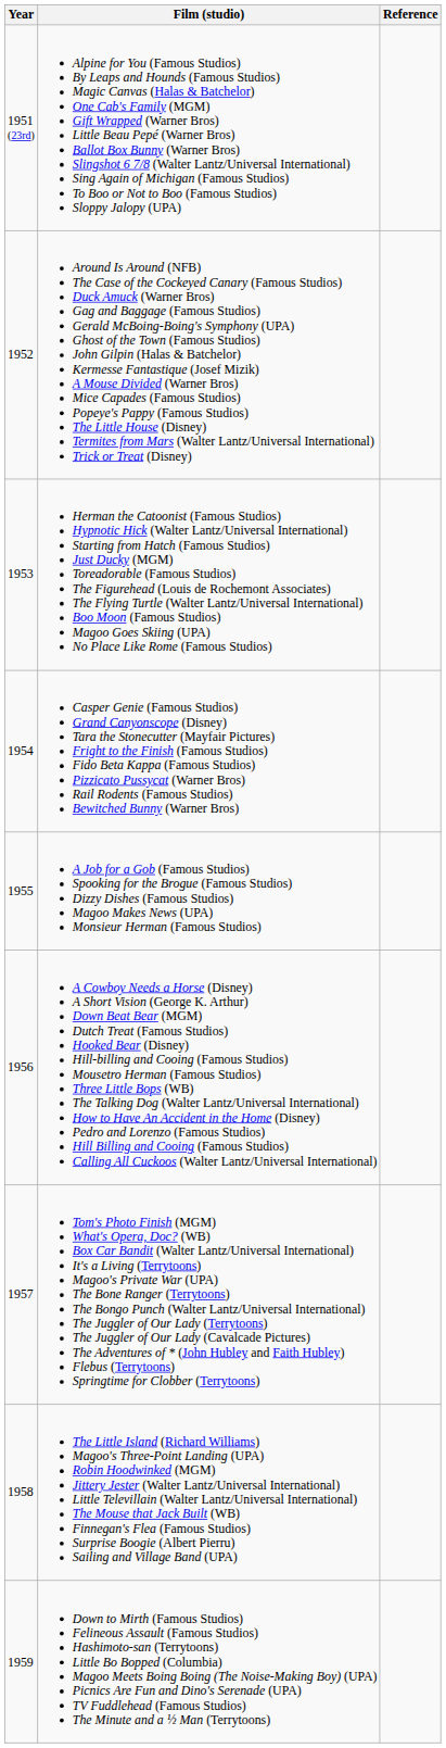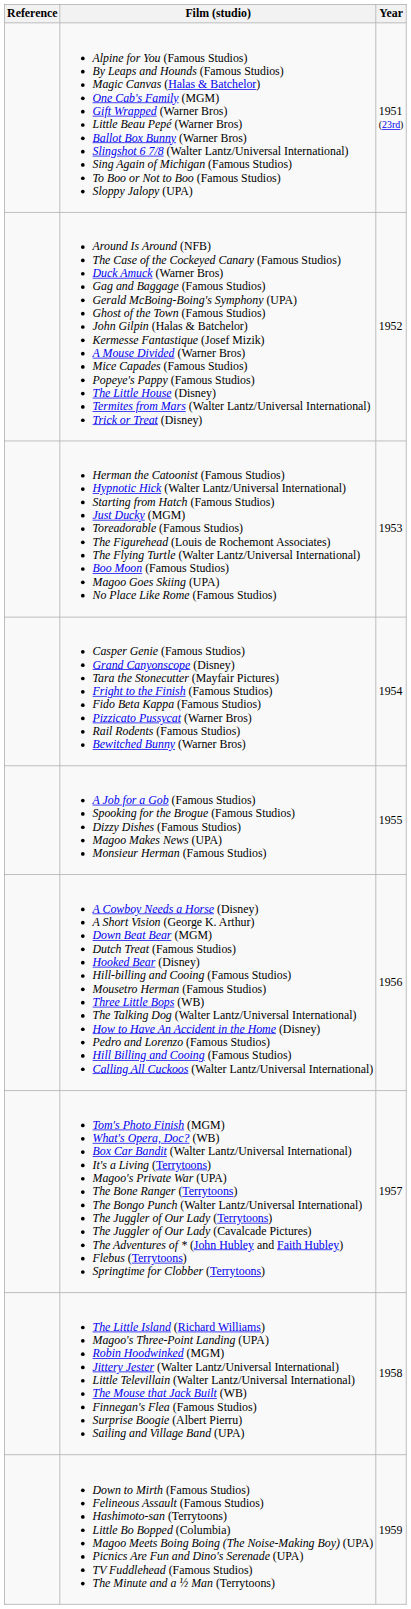 <table class="wikitable">
 <tr>
+<th>Reference</th>
+<th>Film (studio)</th>
 <th>Year</th>
-<th>Film (studio)</th>
-<th>Reference</th>
 </tr>
 <tr>
+<td></td>
+<td><br><ul><li><em>Alpine for You</em> (Famous Studios)</li><li><em>By Leaps and Hounds</em> (Famous Studios)</li><li><em>Magic Canvas</em> (<a href='#'>Halas & Batchelor</a>)</li><li><em><a href='#'>One Cab's Family</a></em> (MGM)</li><li><em><a href='#'>Gift Wrapped</a></em> (Warner Bros)</li><li><em>Little Beau Pepé</em> (Warner Bros)</li><li><em><a href='#'>Ballot Box Bunny</a></em> (Warner Bros)</li><li><em><a href='#'>Slingshot 6 7/8</a></em> (Walter Lantz/Universal International)</li><li><em>Sing Again of Michigan</em> (Famous Studios)</li><li><em>To Boo or Not to Boo</em> (Famous Studios)</li><li><em>Sloppy Jalopy</em> (UPA)</li></ul></td>
 <td>1951<br><small>(<a href='#'>23rd</a>)</small></td>
-<td><br><ul><li><em>Alpine for You</em> (Famous Studios)</li><li><em>By Leaps and Hounds</em> (Famous Studios)</li><li><em>Magic Canvas</em> (<a href='#'>Halas & Batchelor</a>)</li><li><em><a href='#'>One Cab's Family</a></em> (MGM)</li><li><em><a href='#'>Gift Wrapped</a></em> (Warner Bros)</li><li><em>Little Beau Pepé</em> (Warner Bros)</li><li><em><a href='#'>Ballot Box Bunny</a></em> (Warner Bros)</li><li><em><a href='#'>Slingshot 6 7/8</a></em> (Walter Lantz/Universal International)</li><li><em>Sing Again of Michigan</em> (Famous Studios)</li><li><em>To Boo or Not to Boo</em> (Famous Studios)</li><li><em>Sloppy Jalopy</em> (UPA)</li></ul></td>
-<td></td>
 </tr>
 <tr>
+<td></td>
+<td><br><ul><li><em>Around Is Around</em> (NFB)</li><li><em>The Case of the Cockeyed Canary</em> (Famous Studios)</li><li><em><a href='#'>Duck Amuck</a></em> (Warner Bros)</li><li><em>Gag and Baggage</em> (Famous Studios)</li><li><em>Gerald McBoing-Boing's Symphony</em> (UPA)</li><li><em>Ghost of the Town</em> (Famous Studios)</li><li><em>John Gilpin</em> (Halas & Batchelor)</li><li><em>Kermesse Fantastique</em> (Josef Mizik)</li><li><em><a href='#'>A Mouse Divided</a></em> (Warner Bros)</li><li><em>Mice Capades</em> (Famous Studios)</li><li><em>Popeye's Pappy</em> (Famous Studios)</li><li><em><a href='#'>The Little House</a></em> (Disney)</li><li><em><a href='#'>Termites from Mars</a></em> (Walter Lantz/Universal International)</li><li><em><a href='#'>Trick or Treat</a></em> (Disney)</li></ul></td>
 <td>1952</td>
-<td><br><ul><li><em>Around Is Around</em> (NFB)</li><li><em>The Case of the Cockeyed Canary</em> (Famous Studios)</li><li><em><a href='#'>Duck Amuck</a></em> (Warner Bros)</li><li><em>Gag and Baggage</em> (Famous Studios)</li><li><em>Gerald McBoing-Boing's Symphony</em> (UPA)</li><li><em>Ghost of the Town</em> (Famous Studios)</li><li><em>John Gilpin</em> (Halas & Batchelor)</li><li><em>Kermesse Fantastique</em> (Josef Mizik)</li><li><em><a href='#'>A Mouse Divided</a></em> (Warner Bros)</li><li><em>Mice Capades</em> (Famous Studios)</li><li><em>Popeye's Pappy</em> (Famous Studios)</li><li><em><a href='#'>The Little House</a></em> (Disney)</li><li><em><a href='#'>Termites from Mars</a></em> (Walter Lantz/Universal International)</li><li><em><a href='#'>Trick or Treat</a></em> (Disney)</li></ul></td>
-<td></td>
 </tr>
 <tr>
+<td></td>
+<td><br><ul><li><em>Herman the Catoonist</em> (Famous Studios)</li><li><em><a href='#'>Hypnotic Hick</a></em> (Walter Lantz/Universal International)</li><li><em>Starting from Hatch</em> (Famous Studios)</li><li><em><a href='#'>Just Ducky</a></em> (MGM)</li><li><em>Toreadorable</em> (Famous Studios)</li><li><em>The Figurehead</em> (Louis de Rochemont Associates)</li><li><em>The Flying Turtle</em>  (Walter Lantz/Universal International)</li><li><em><a href='#'>Boo Moon</a></em> (Famous Studios)</li><li><em>Magoo Goes Skiing</em> (UPA)</li><li><em>No Place Like Rome</em> (Famous Studios)</li></ul></td>
 <td>1953</td>
-<td><br><ul><li><em>Herman the Catoonist</em> (Famous Studios)</li><li><em><a href='#'>Hypnotic Hick</a></em> (Walter Lantz/Universal International)</li><li><em>Starting from Hatch</em> (Famous Studios)</li><li><em><a href='#'>Just Ducky</a></em> (MGM)</li><li><em>Toreadorable</em> (Famous Studios)</li><li><em>The Figurehead</em> (Louis de Rochemont Associates)</li><li><em>The Flying Turtle</em>  (Walter Lantz/Universal International)</li><li><em><a href='#'>Boo Moon</a></em> (Famous Studios)</li><li><em>Magoo Goes Skiing</em> (UPA)</li><li><em>No Place Like Rome</em> (Famous Studios)</li></ul></td>
-<td></td>
 </tr>
 <tr>
+<td></td>
+<td><br><ul><li><em>Casper Genie</em> (Famous Studios)</li><li><em><a href='#'>Grand Canyonscope</a></em> (Disney)</li><li><em>Tara the Stonecutter</em> (Mayfair Pictures)</li><li><em><a href='#'>Fright to the Finish</a></em> (Famous Studios)</li><li><em>Fido Beta Kappa</em> (Famous Studios)</li><li><em><a href='#'>Pizzicato Pussycat</a></em> (Warner Bros)</li><li><em>Rail Rodents</em> (Famous Studios)</li><li><em><a href='#'>Bewitched Bunny</a></em> (Warner Bros)</li></ul></td>
 <td>1954</td>
-<td><br><ul><li><em>Casper Genie</em> (Famous Studios)</li><li><em><a href='#'>Grand Canyonscope</a></em> (Disney)</li><li><em>Tara the Stonecutter</em> (Mayfair Pictures)</li><li><em><a href='#'>Fright to the Finish</a></em> (Famous Studios)</li><li><em>Fido Beta Kappa</em> (Famous Studios)</li><li><em><a href='#'>Pizzicato Pussycat</a></em> (Warner Bros)</li><li><em>Rail Rodents</em> (Famous Studios)</li><li><em><a href='#'>Bewitched Bunny</a></em> (Warner Bros)</li></ul></td>
-<td></td>
 </tr>
 <tr>
+<td></td>
+<td><br><ul><li><em><a href='#'>A Job for a Gob</a></em> (Famous Studios)</li><li><em>Spooking for the Brogue</em> (Famous Studios)</li><li><em>Dizzy Dishes</em> (Famous Studios)</li><li><em>Magoo Makes News</em> (UPA)</li><li><em>Monsieur Herman</em> (Famous Studios)</li></ul></td>
 <td>1955</td>
-<td><br><ul><li><em><a href='#'>A Job for a Gob</a></em> (Famous Studios)</li><li><em>Spooking for the Brogue</em> (Famous Studios)</li><li><em>Dizzy Dishes</em> (Famous Studios)</li><li><em>Magoo Makes News</em> (UPA)</li><li><em>Monsieur Herman</em> (Famous Studios)</li></ul></td>
-<td></td>
 </tr>
 <tr>
+<td></td>
+<td><br><ul><li><em><a href='#'>A Cowboy Needs a Horse</a></em> (Disney)</li><li><em>A Short Vision</em> (George K. Arthur)</li><li><em><a href='#'>Down Beat Bear</a></em> (MGM)</li><li><em>Dutch Treat</em> (Famous Studios)</li><li><em><a href='#'>Hooked Bear</a></em> (Disney)</li><li><em>Hill-billing and Cooing</em> (Famous Studios)</li><li><em>Mousetro Herman</em> (Famous Studios)</li><li><em><a href='#'>Three Little Bops</a></em> (WB)</li><li><em>The Talking Dog</em> (Walter Lantz/Universal International)</li><li><em><a href='#'>How to Have An Accident in the Home</a></em> (Disney)</li><li><em>Pedro and Lorenzo</em> (Famous Studios)</li><li><em><a href='#'>Hill Billing and Cooing</a></em> (Famous Studios)</li><li><em><a href='#'>Calling All Cuckoos</a></em> (Walter Lantz/Universal International)</li></ul></td>
 <td>1956</td>
-<td><br><ul><li><em><a href='#'>A Cowboy Needs a Horse</a></em> (Disney)</li><li><em>A Short Vision</em> (George K. Arthur)</li><li><em><a href='#'>Down Beat Bear</a></em> (MGM)</li><li><em>Dutch Treat</em> (Famous Studios)</li><li><em><a href='#'>Hooked Bear</a></em> (Disney)</li><li><em>Hill-billing and Cooing</em> (Famous Studios)</li><li><em>Mousetro Herman</em> (Famous Studios)</li><li><em><a href='#'>Three Little Bops</a></em> (WB)</li><li><em>The Talking Dog</em> (Walter Lantz/Universal International)</li><li><em><a href='#'>How to Have An Accident in the Home</a></em> (Disney)</li><li><em>Pedro and Lorenzo</em> (Famous Studios)</li><li><em><a href='#'>Hill Billing and Cooing</a></em> (Famous Studios)</li><li><em><a href='#'>Calling All Cuckoos</a></em> (Walter Lantz/Universal International)</li></ul></td>
-<td></td>
 </tr>
 <tr>
+<td></td>
+<td><br><ul><li><em><a href='#'>Tom's Photo Finish</a></em> (MGM)</li><li><em><a href='#'>What's Opera, Doc?</a></em> (WB)</li><li><em><a href='#'>Box Car Bandit</a></em> (Walter Lantz/Universal International)</li><li><em>It's a Living</em> (<a href='#'>Terrytoons</a>)</li><li><em>Magoo's Private War</em> (UPA)</li><li><em>The Bone Ranger</em> (<a href='#'>Terrytoons</a>)</li><li><em>The Bongo Punch</em>  (Walter Lantz/Universal International)</li><li><em>The Juggler of Our Lady</em> (<a href='#'>Terrytoons</a>)</li><li><em>The Juggler of Our Lady</em> (Cavalcade Pictures)</li><li><em>The Adventures of *</em> (<a href='#'>John Hubley</a> and <a href='#'>Faith Hubley</a>)</li><li><em>Flebus</em> (<a href='#'>Terrytoons</a>)</li><li><em>Springtime for Clobber</em> (<a href='#'>Terrytoons</a>)</li></ul></td>
 <td>1957</td>
-<td><br><ul><li><em><a href='#'>Tom's Photo Finish</a></em> (MGM)</li><li><em><a href='#'>What's Opera, Doc?</a></em> (WB)</li><li><em><a href='#'>Box Car Bandit</a></em> (Walter Lantz/Universal International)</li><li><em>It's a Living</em> (<a href='#'>Terrytoons</a>)</li><li><em>Magoo's Private War</em> (UPA)</li><li><em>The Bone Ranger</em> (<a href='#'>Terrytoons</a>)</li><li><em>The Bongo Punch</em>  (Walter Lantz/Universal International)</li><li><em>The Juggler of Our Lady</em> (<a href='#'>Terrytoons</a>)</li><li><em>The Juggler of Our Lady</em> (Cavalcade Pictures)</li><li><em>The Adventures of *</em> (<a href='#'>John Hubley</a> and <a href='#'>Faith Hubley</a>)</li><li><em>Flebus</em> (<a href='#'>Terrytoons</a>)</li><li><em>Springtime for Clobber</em> (<a href='#'>Terrytoons</a>)</li></ul></td>
-<td></td>
 </tr>
 <tr>
+<td></td>
+<td><br><ul><li><em><a href='#'>The Little Island</a></em> (<a href='#'>Richard Williams</a>)</li><li><em>Magoo's Three-Point Landing</em> (UPA)</li><li><em><a href='#'>Robin Hoodwinked</a></em> (MGM)</li><li><em><a href='#'>Jittery Jester</a></em> (Walter Lantz/Universal International)</li><li><em>Little Televillain</em> (Walter Lantz/Universal International)</li><li><em><a href='#'>The Mouse that Jack Built</a></em> (WB)</li><li><em>Finnegan's Flea</em> (Famous Studios)</li><li><em>Surprise Boogie</em> (Albert Pierru)</li><li><em>Sailing and Village Band</em> (UPA)</li></ul></td>
 <td>1958</td>
-<td><br><ul><li><em><a href='#'>The Little Island</a></em> (<a href='#'>Richard Williams</a>)</li><li><em>Magoo's Three-Point Landing</em> (UPA)</li><li><em><a href='#'>Robin Hoodwinked</a></em> (MGM)</li><li><em><a href='#'>Jittery Jester</a></em> (Walter Lantz/Universal International)</li><li><em>Little Televillain</em> (Walter Lantz/Universal International)</li><li><em><a href='#'>The Mouse that Jack Built</a></em> (WB)</li><li><em>Finnegan's Flea</em> (Famous Studios)</li><li><em>Surprise Boogie</em> (Albert Pierru)</li><li><em>Sailing and Village Band</em> (UPA)</li></ul></td>
-<td></td>
 </tr>
 <tr>
+<td></td>
+<td><br><ul><li><em>Down to Mirth</em> (Famous Studios)</li><li><em>Felineous Assault</em> (Famous Studios)</li><li><em>Hashimoto-san</em> (Terrytoons)</li><li><em>Little Bo Bopped</em> (Columbia)</li><li><em>Magoo Meets Boing Boing (The Noise-Making Boy)</em> (UPA)</li><li><em>Picnics Are Fun and Dino's Serenade</em> (UPA)</li><li><em>TV Fuddlehead</em> (Famous Studios)</li><li><em>The Minute and a ½ Man</em> (Terrytoons)</li></ul></td>
 <td>1959</td>
-<td><br><ul><li><em>Down to Mirth</em> (Famous Studios)</li><li><em>Felineous Assault</em> (Famous Studios)</li><li><em>Hashimoto-san</em> (Terrytoons)</li><li><em>Little Bo Bopped</em> (Columbia)</li><li><em>Magoo Meets Boing Boing (The Noise-Making Boy)</em> (UPA)</li><li><em>Picnics Are Fun and Dino's Serenade</em> (UPA)</li><li><em>TV Fuddlehead</em> (Famous Studios)</li><li><em>The Minute and a ½ Man</em> (Terrytoons)</li></ul></td>
-<td></td>
 </tr>
 </table>
